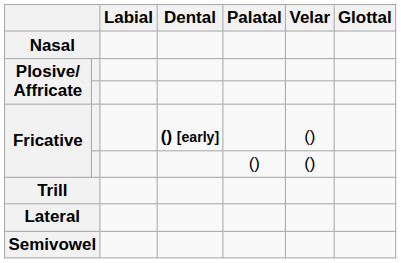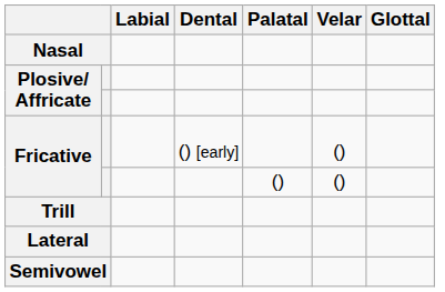 <table class="wikitable" style=text-align:center>
 <tr>
 <th colspan="2"></th>
 <th>Labial</th>
 <th>Dental</th>
 <th>Palatal</th>
 <th>Velar</th>
 <th>Glottal</th>
 </tr>
 <tr>
 <th colspan="2">Nasal</th>
 <td></td>
 <td></td>
 <td></td>
 <td></td>
 <td></td>
 </tr>
 <tr>
 <th rowspan="2">Plosive/<br>Affricate</th>
 <th></th>
 <td></td>
 <td></td>
 <td></td>
 <td></td>
 <td></td>
 </tr>
 <tr>
 <th></th>
 <td></td>
 <td></td>
 <td></td>
 <td></td>
 <td></td>
 </tr>
 <tr>
 <th rowspan="2">Fricative</th>
 <th></th>
 <td></td>
-<td><strong><br>() <small>[early]</small></strong></td>
+<td><br>() <small>[early]</small></td>
 <td></td>
 <td><br> ()</td>
 <td></td>
 </tr>
 <tr>
 <th></th>
 <td></td>
 <td></td>
 <td>()</td>
 <td>()</td>
 <td></td>
 </tr>
 <tr>
 <th colspan="2">Trill</th>
 <td></td>
 <td></td>
 <td></td>
 <td></td>
 <td></td>
 </tr>
 <tr>
 <th colspan="2">Lateral</th>
 <td></td>
 <td></td>
 <td></td>
 <td></td>
 <td></td>
 </tr>
 <tr>
 <th colspan="2">Semivowel</th>
 <td></td>
 <td></td>
 <td></td>
 <td></td>
 <td></td>
 </tr>
 </table>
